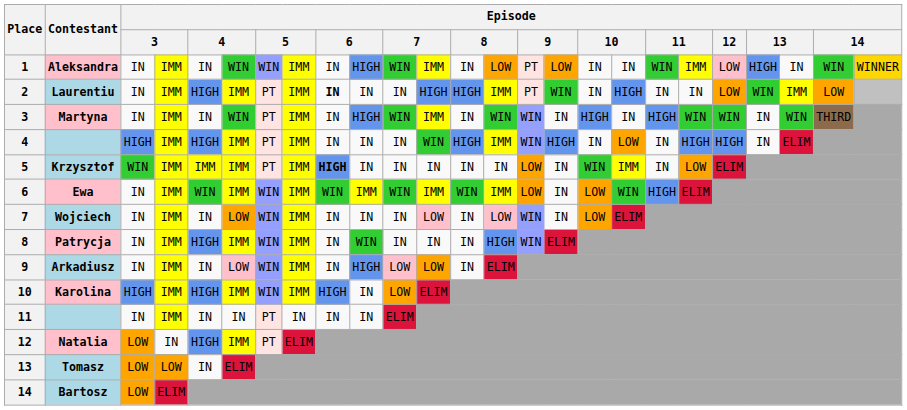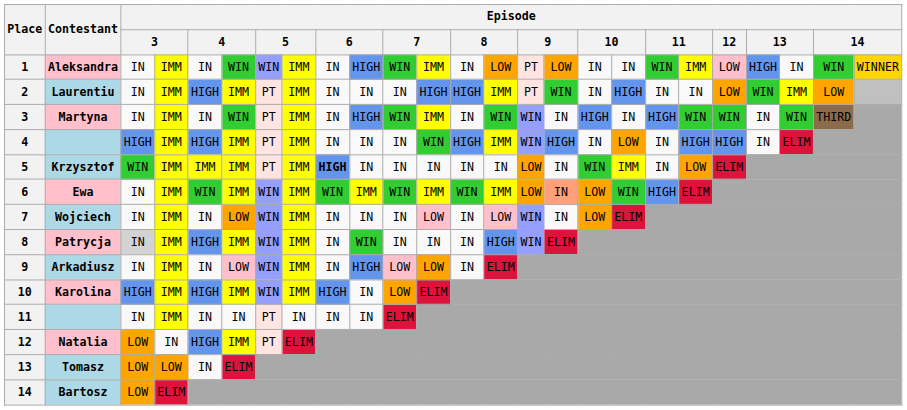 <table class="wikitable" style="text-align: center; font-size: 9pt; line-height:20px;">
 <tr>
 <th rowspan="2">Place</th>
 <th rowspan="2">Contestant</th>
 <th colspan="23">Episode</th>
 </tr>
 <tr>
 <th colspan="2">3</th>
 <th colspan="2">4</th>
 <th colspan="2">5</th>
 <th colspan="2">6</th>
 <th colspan="2">7</th>
 <th colspan="2">8</th>
 <th colspan="2">9</th>
 <th colspan="2">10</th>
 <th colspan="2">11</th>
 <th>12</th>
 <th colspan="2">13</th>
 <th colspan="2">14</th>
 </tr>
 <tr>
 <th>1</th>
 <th style="background:pink">Aleksandra</th>
 <td>IN</td>
 <td bgcolor=yellow>IMM</td>
 <td>IN</td>
 <td bgcolor=limegreen>WIN</td>
 <td bgcolor=#959FFD>WIN</td>
 <td bgcolor=yellow>IMM</td>
 <td>IN</td>
 <td bgcolor=cornflowerblue>HIGH</td>
 <td bgcolor=limegreen>WIN</td>
 <td bgcolor=yellow>IMM</td>
 <td>IN</td>
 <td bgcolor=orange>LOW</td>
 <td bgcolor=mistyrose>PT</td>
 <td bgcolor=orange>LOW</td>
 <td>IN</td>
 <td>IN</td>
 <td bgcolor=limegreen>WIN</td>
 <td bgcolor=yellow>IMM</td>
 <td bgcolor=pink>LOW</td>
 <td bgcolor=cornflowerblue>HIGH</td>
 <td>IN</td>
 <td bgcolor=limegreen>WIN</td>
 <td bgcolor=gold>WINNER</td>
 </tr>
 <tr>
 <th>2</th>
 <th style="background:lightblue">Laurentiu</th>
 <td>IN</td>
 <td bgcolor=yellow>IMM</td>
 <td bgcolor=cornflowerblue>HIGH</td>
 <td bgcolor=yellow>IMM</td>
 <td bgcolor=mistyrose>PT</td>
 <td bgcolor=yellow>IMM</td>
-<td><strong>IN</strong></td>
+<td>IN</td>
 <td>IN</td>
 <td>IN</td>
 <td bgcolor=cornflowerblue>HIGH</td>
 <td bgcolor=cornflowerblue>HIGH</td>
 <td bgcolor=yellow>IMM</td>
 <td bgcolor=mistyrose>PT</td>
 <td bgcolor=limegreen>WIN</td>
 <td>IN</td>
 <td bgcolor=cornflowerblue>HIGH</td>
 <td>IN</td>
 <td>IN</td>
 <td bgcolor=orange>LOW</td>
 <td bgcolor=limegreen>WIN</td>
 <td bgcolor=yellow>IMM</td>
 <td bgcolor=orange>LOW</td>
 <td bgcolor=silver></td>
 </tr>
 <tr>
 <th>3</th>
 <th style="background:pink">Martyna</th>
 <td>IN</td>
 <td bgcolor=yellow>IMM</td>
 <td>IN</td>
 <td bgcolor=limegreen>WIN</td>
 <td bgcolor=mistyrose>PT</td>
 <td bgcolor=yellow>IMM</td>
 <td>IN</td>
 <td bgcolor=cornflowerblue>HIGH</td>
 <td bgcolor=limegreen>WIN</td>
 <td bgcolor=yellow>IMM</td>
 <td>IN</td>
 <td bgcolor=limegreen>WIN</td>
 <td bgcolor=#959FFD>WIN</td>
 <td>IN</td>
 <td bgcolor=cornflowerblue>HIGH</td>
 <td>IN</td>
 <td bgcolor=cornflowerblue>HIGH</td>
 <td bgcolor=limegreen>WIN</td>
 <td bgcolor=limegreen>WIN</td>
 <td>IN</td>
 <td bgcolor=limegreen>WIN</td>
 <td bgcolor=#8c6b4d>THIRD</td>
 <td bgcolor="darkgrey"></td>
 </tr>
 <tr>
 <th>4</th>
 <th style="background:lightblue"></th>
 <td bgcolor=cornflowerblue>HIGH</td>
 <td bgcolor=yellow>IMM</td>
 <td bgcolor=cornflowerblue>HIGH</td>
 <td bgcolor=yellow>IMM</td>
 <td bgcolor=mistyrose>PT</td>
 <td bgcolor=yellow>IMM</td>
 <td>IN</td>
 <td>IN</td>
 <td>IN</td>
 <td bgcolor=limegreen>WIN</td>
 <td bgcolor=cornflowerblue>HIGH</td>
 <td bgcolor=yellow>IMM</td>
 <td bgcolor=#959FFD>WIN</td>
 <td bgcolor=cornflowerblue>HIGH</td>
 <td>IN</td>
 <td bgcolor=orange>LOW</td>
 <td>IN</td>
 <td bgcolor=cornflowerblue>HIGH</td>
 <td bgcolor=cornflowerblue>HIGH</td>
 <td>IN</td>
 <td bgcolor=crimson>ELIM</td>
 <td colspan="2" bgcolor="darkgrey"></td>
 </tr>
 <tr>
 <th>5</th>
 <th style="background:lightblue">Krzysztof</th>
 <td bgcolor=limegreen>WIN</td>
 <td bgcolor=yellow>IMM</td>
 <td bgcolor=yellow>IMM</td>
 <td bgcolor=yellow>IMM</td>
 <td bgcolor=mistyrose>PT</td>
 <td bgcolor=yellow>IMM</td>
 <td bgcolor=cornflowerblue><strong>HIGH</strong></td>
 <td>IN</td>
 <td>IN</td>
 <td>IN</td>
 <td>IN</td>
 <td>IN</td>
 <td bgcolor=orange>LOW</td>
 <td>IN</td>
 <td bgcolor=limegreen>WIN</td>
 <td bgcolor=yellow>IMM</td>
 <td>IN</td>
 <td bgcolor=orange>LOW</td>
 <td bgcolor=crimson>ELIM</td>
 <td colspan="4" bgcolor="darkgrey"></td>
 </tr>
 <tr>
 <th>6</th>
 <th style="background:pink">Ewa</th>
 <td>IN</td>
 <td bgcolor=yellow>IMM</td>
 <td bgcolor=limegreen>WIN</td>
 <td bgcolor=yellow>IMM</td>
 <td bgcolor=#959FFD>WIN</td>
 <td bgcolor=yellow>IMM</td>
 <td bgcolor=limegreen>WIN</td>
 <td bgcolor=yellow>IMM</td>
 <td bgcolor=limegreen>WIN</td>
 <td bgcolor=yellow>IMM</td>
 <td bgcolor=limegreen>WIN</td>
 <td bgcolor=yellow>IMM</td>
 <td bgcolor=orange>LOW</td>
-<td>IN</td>
+<td style="background: lightsalmon;">IN</td>
 <td bgcolor=orange>LOW</td>
 <td bgcolor=limegreen>WIN</td>
 <td bgcolor=cornflowerblue>HIGH</td>
 <td bgcolor=crimson>ELIM</td>
 <td colspan="5" bgcolor="darkgrey"></td>
 </tr>
 <tr>
 <th>7</th>
 <th style="background:lightblue">Wojciech</th>
 <td>IN</td>
 <td bgcolor=yellow>IMM</td>
 <td>IN</td>
 <td bgcolor=orange>LOW</td>
 <td bgcolor=#959FFD>WIN</td>
 <td bgcolor=yellow>IMM</td>
 <td>IN</td>
 <td>IN</td>
 <td>IN</td>
 <td bgcolor=pink>LOW</td>
 <td>IN</td>
 <td bgcolor=pink>LOW</td>
 <td bgcolor=#959FFD>WIN</td>
 <td>IN</td>
 <td bgcolor=orange>LOW</td>
 <td bgcolor=crimson>ELIM</td>
 <td colspan="7" bgcolor="darkgrey"></td>
 </tr>
 <tr>
 <th>8</th>
 <th style="background:pink">Patrycja</th>
-<td>IN</td>
+<td style="background: lightgrey;">IN</td>
 <td bgcolor=yellow>IMM</td>
 <td bgcolor=cornflowerblue>HIGH</td>
 <td bgcolor=yellow>IMM</td>
 <td bgcolor=#959FFD>WIN</td>
 <td bgcolor=yellow>IMM</td>
 <td>IN</td>
 <td bgcolor=limegreen>WIN</td>
 <td>IN</td>
 <td>IN</td>
 <td>IN</td>
 <td bgcolor=cornflowerblue>HIGH</td>
 <td bgcolor=#959FFD>WIN</td>
 <td bgcolor=crimson>ELIM</td>
 <td colspan="9" bgcolor="darkgrey"></td>
 </tr>
 <tr>
 <th>9</th>
 <th style="background:lightblue">Arkadiusz</th>
 <td>IN</td>
 <td bgcolor=yellow>IMM</td>
 <td>IN</td>
 <td bgcolor=pink>LOW</td>
 <td bgcolor=#959FFD>WIN</td>
 <td bgcolor=yellow>IMM</td>
 <td>IN</td>
 <td bgcolor=cornflowerblue>HIGH</td>
 <td bgcolor=pink>LOW</td>
 <td bgcolor=orange>LOW</td>
 <td>IN</td>
 <td bgcolor=crimson>ELIM</td>
 <td colspan="11" bgcolor="darkgrey"></td>
 </tr>
 <tr>
 <th>10</th>
 <th style="background:pink">Karolina</th>
 <td bgcolor=cornflowerblue>HIGH</td>
 <td bgcolor=yellow>IMM</td>
 <td bgcolor=cornflowerblue>HIGH</td>
 <td bgcolor=yellow>IMM</td>
 <td bgcolor=#959FFD>WIN</td>
 <td bgcolor=yellow>IMM</td>
 <td bgcolor=cornflowerblue>HIGH</td>
 <td>IN</td>
 <td bgcolor=orange>LOW</td>
 <td bgcolor=crimson>ELIM</td>
 <td colspan="13" bgcolor="darkgrey"></td>
 </tr>
 <tr>
 <th>11</th>
 <th style="background:lightblue"></th>
 <td>IN</td>
 <td bgcolor=yellow>IMM</td>
 <td>IN</td>
 <td>IN</td>
 <td bgcolor=mistyrose>PT</td>
 <td>IN</td>
 <td>IN</td>
 <td>IN</td>
 <td bgcolor=crimson>ELIM</td>
 <td colspan="14" bgcolor="darkgrey"></td>
 </tr>
 <tr>
 <th>12</th>
 <th style="background:pink">Natalia</th>
 <td bgcolor=orange>LOW</td>
 <td>IN</td>
 <td bgcolor=cornflowerblue>HIGH</td>
 <td bgcolor=yellow>IMM</td>
 <td bgcolor=mistyrose>PT</td>
 <td bgcolor=crimson>ELIM</td>
 <td colspan="17" bgcolor="darkgrey"></td>
 </tr>
 <tr>
 <th>13</th>
 <th style="background:lightblue">Tomasz</th>
 <td bgcolor=orange>LOW</td>
 <td bgcolor=orange>LOW</td>
 <td>IN</td>
 <td bgcolor=crimson>ELIM</td>
 <td colspan="19" bgcolor=darkgrey></td>
 </tr>
 <tr>
 <th>14</th>
 <th style="background:lightblue">Bartosz</th>
 <td bgcolor=orange>LOW</td>
 <td bgcolor=crimson>ELIM</td>
 <td colspan="21" bgcolor=darkgrey></td>
 </tr>
 </table>
